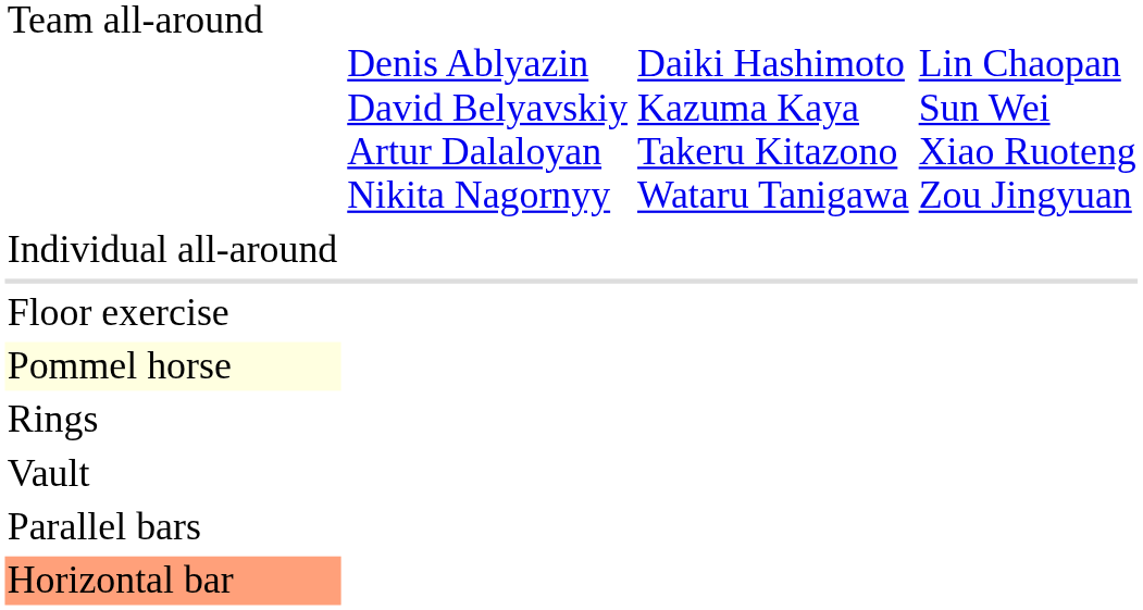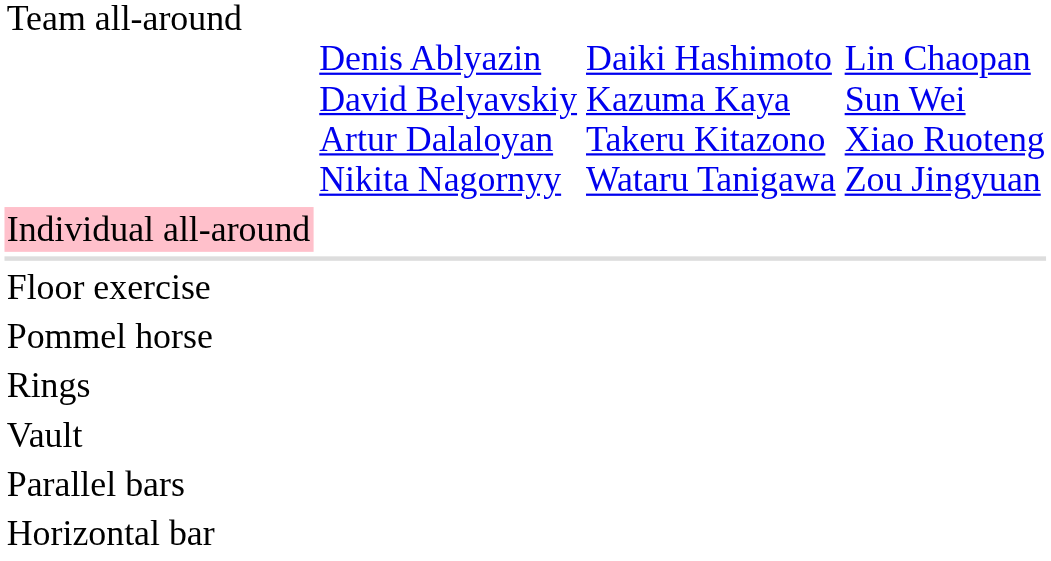 <table>
 <tr valign="top">
 <td>Team all-around<br></td>
 <td><br><a href='#'>Denis Ablyazin</a><br><a href='#'>David Belyavskiy</a><br><a href='#'>Artur Dalaloyan</a><br><a href='#'>Nikita Nagornyy</a></td>
 <td><br><a href='#'>Daiki Hashimoto</a><br><a href='#'>Kazuma Kaya</a><br><a href='#'>Takeru Kitazono</a><br><a href='#'>Wataru Tanigawa</a></td>
 <td><br><a href='#'>Lin Chaopan</a><br><a href='#'>Sun Wei</a><br><a href='#'>Xiao Ruoteng</a><br><a href='#'>Zou Jingyuan</a></td>
 </tr>
 <tr>
-<td>Individual all-around<br></td>
+<td style="background: pink;">Individual all-around<br></td>
 <td></td>
 <td></td>
 <td></td>
 </tr>
 <tr bgcolor=#DDDDDD>
 <td colspan=7></td>
 </tr>
 <tr>
 <td>Floor exercise<br></td>
 <td></td>
 <td></td>
 <td></td>
 </tr>
 <tr>
-<td style="background: lightyellow;">Pommel horse<br></td>
+<td>Pommel horse<br></td>
 <td></td>
 <td></td>
 <td></td>
 </tr>
 <tr>
 <td>Rings<br></td>
 <td></td>
 <td></td>
 <td></td>
 </tr>
 <tr>
 <td>Vault<br></td>
 <td></td>
 <td></td>
 <td></td>
 </tr>
 <tr>
 <td>Parallel bars<br></td>
 <td></td>
 <td></td>
 <td></td>
 </tr>
 <tr>
-<td style="background: lightsalmon;">Horizontal bar<br></td>
+<td>Horizontal bar<br></td>
 <td></td>
 <td></td>
 <td></td>
 </tr>
 </table>
